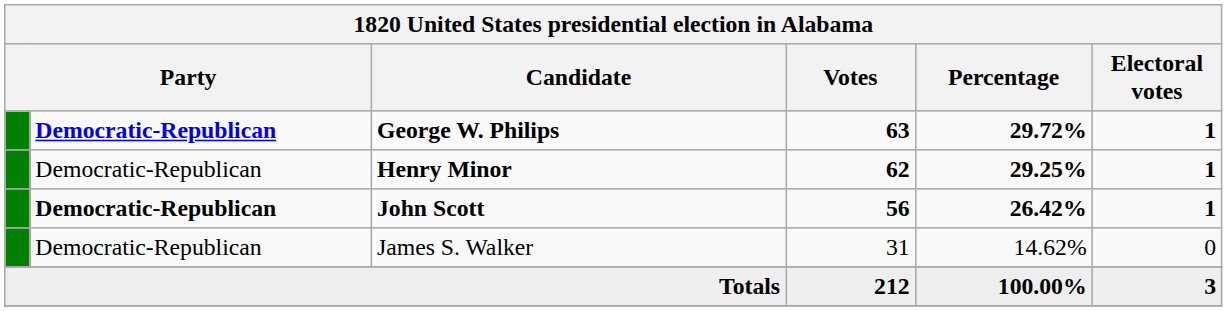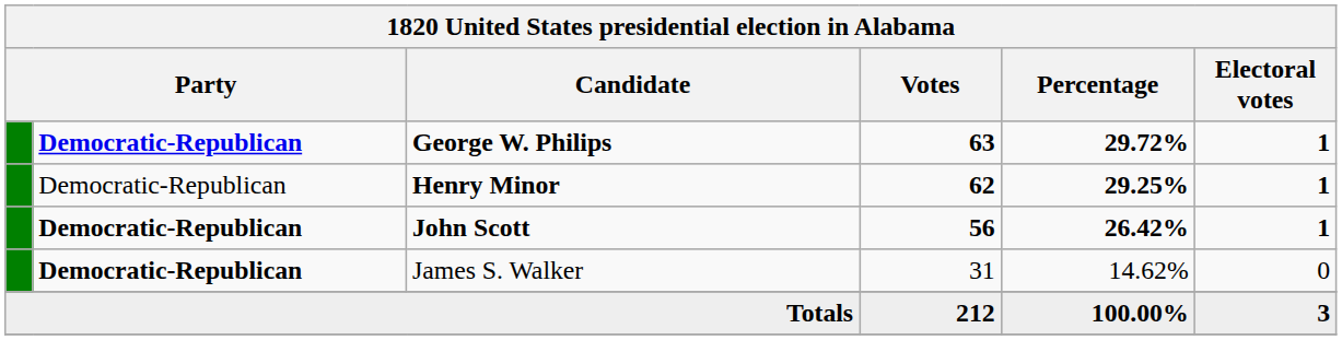 <table class="wikitable" style="font-size: 95%;">
 <tr>
 <th colspan="6">1820 United States presidential election in Alabama</th>
 </tr>
 <tr>
 <th colspan="2" style="width: 15em">Party</th>
 <th style="width: 17em">Candidate</th>
 <th style="width: 5em">Votes</th>
 <th style="width: 7em">Percentage</th>
 <th style="width: 5em">Electoral votes</th>
 </tr>
 <tr>
 <th style="background-color:#008000; width: 3px"></th>
 <td style="width: 130px"><strong><a href='#'>Democratic-Republican</a></strong></td>
 <td><strong>George W. Philips</strong></td>
 <td align="right"><strong>63</strong></td>
 <td align="right"><strong>29.72%</strong></td>
 <td align="right"><strong>1</strong></td>
 </tr>
 <tr>
 <th style="background-color:#008000; width: 3px"></th>
 <td style="width: 130px">Democratic-Republican</td>
 <td><strong>Henry Minor</strong></td>
 <td align="right"><strong>62</strong></td>
 <td align="right"><strong>29.25%</strong></td>
 <td align="right"><strong>1</strong></td>
 </tr>
 <tr>
 <th style="background-color:#008000; width: 3px"></th>
 <td style="width: 130px"><strong>Democratic-Republican</strong></td>
 <td><strong>John Scott</strong></td>
 <td align="right"><strong>56</strong></td>
 <td align="right"><strong>26.42%</strong></td>
 <td align="right"><strong>1</strong></td>
 </tr>
 <tr>
 <th style="background-color:#008000; width: 3px"></th>
-<td style="width: 130px">Democratic-Republican</td>
+<td style="width: 130px"><strong>Democratic-Republican</strong></td>
 <td>James S. Walker</td>
 <td align="right">31</td>
 <td align="right">14.62%</td>
 <td align="right">0</td>
 </tr>
 <tr>
 </tr>
 <tr bgcolor="#EEEEEE">
 <td colspan="3" align="right"><strong>Totals</strong></td>
 <td align="right"><strong>212</strong></td>
 <td align="right"><strong>100.00%</strong></td>
 <td align="right"><strong>3</strong></td>
 </tr>
 <tr>
 </tr>
 </table>
